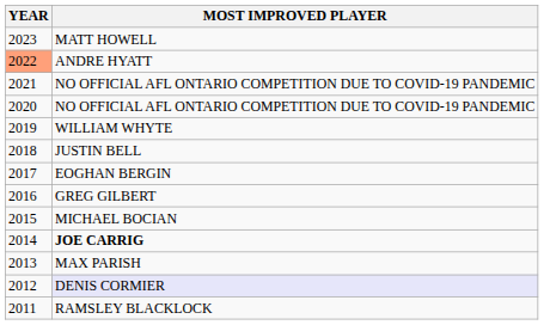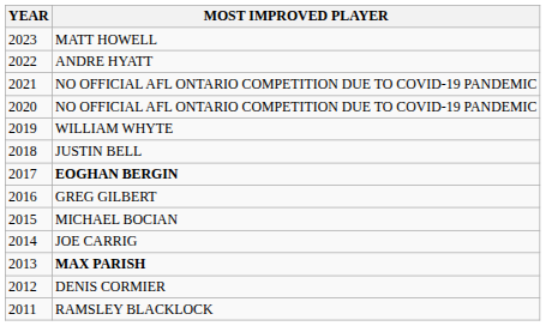 <table class="wikitable">
 <tr>
 <th>YEAR</th>
 <th>MOST IMPROVED PLAYER</th>
 </tr>
 <tr>
 <td>2023</td>
 <td>MATT HOWELL</td>
 </tr>
 <tr>
-<td style="background: lightsalmon;">2022</td>
+<td>2022</td>
 <td>ANDRE HYATT</td>
 </tr>
 <tr>
 <td>2021</td>
 <td>NO OFFICIAL AFL ONTARIO COMPETITION DUE TO COVID-19  PANDEMIC</td>
 </tr>
 <tr>
 <td>2020</td>
 <td>NO OFFICIAL AFL ONTARIO COMPETITION DUE TO COVID-19  PANDEMIC</td>
 </tr>
 <tr>
 <td>2019</td>
 <td>WILLIAM WHYTE</td>
 </tr>
 <tr>
 <td>2018</td>
 <td>JUSTIN BELL</td>
 </tr>
 <tr>
 <td>2017</td>
-<td>EOGHAN BERGIN</td>
+<td><strong>EOGHAN BERGIN</strong></td>
 </tr>
 <tr>
 <td>2016</td>
 <td>GREG GILBERT</td>
 </tr>
 <tr>
 <td>2015</td>
 <td>MICHAEL BOCIAN</td>
 </tr>
 <tr>
 <td>2014</td>
-<td><strong>JOE CARRIG</strong></td>
+<td>JOE CARRIG</td>
 </tr>
 <tr>
 <td>2013</td>
-<td>MAX PARISH</td>
+<td><strong>MAX PARISH</strong></td>
 </tr>
 <tr>
 <td>2012</td>
-<td style="background: lavender;">DENIS CORMIER</td>
+<td>DENIS CORMIER</td>
 </tr>
 <tr>
 <td>2011</td>
 <td>RAMSLEY BLACKLOCK</td>
 </tr>
 </table>
